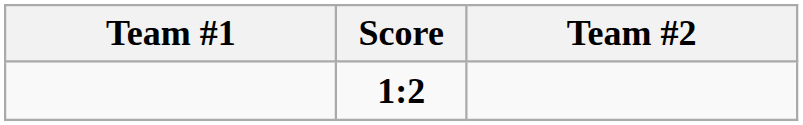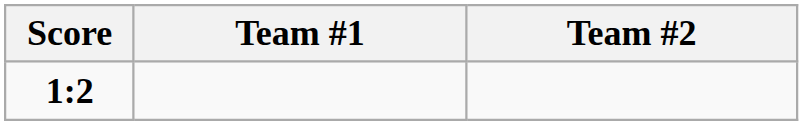 <table class="wikitable" style="text-align:center;">
 <tr>
+<th width=50>Score</th>
 <th width=140>Team #1</th>
-<th width=50>Score</th>
 <th width=140>Team #2</th>
 </tr>
 <tr>
+<td><strong>1:2</strong></td>
 <td style="text-align:right;"></td>
-<td><strong>1:2</strong></td>
 <td style="text-align:left;"></td>
 </tr>
 </table>
